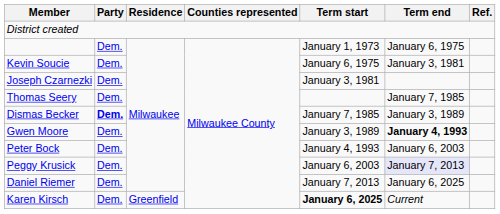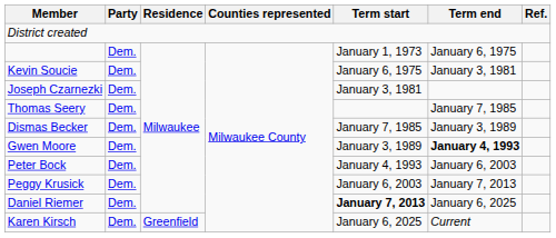 <table class="wikitable">
 <tr>
 <th>Member</th>
 <th>Party</th>
 <th>Residence</th>
 <th>Counties represented</th>
 <th>Term start</th>
 <th>Term end</th>
 <th>Ref.</th>
 </tr>
 <tr>
 <td colspan="7"><em>District created</em></td>
 </tr>
 <tr>
 <td></td>
 <td><a href='#'>Dem.</a></td>
 <td rowspan="9"><a href='#'>Milwaukee</a></td>
 <td rowspan="10"><a href='#'>Milwaukee County</a></td>
 <td>January 1, 1973</td>
 <td>January 6, 1975</td>
 <td></td>
 </tr>
 <tr>
 <td><a href='#'>Kevin Soucie</a></td>
 <td><a href='#'>Dem.</a></td>
 <td>January 6, 1975</td>
 <td>January 3, 1981</td>
 <td></td>
 </tr>
 <tr>
 <td><a href='#'>Joseph Czarnezki</a></td>
 <td><a href='#'>Dem.</a></td>
 <td>January 3, 1981</td>
 <td></td>
 <td></td>
 </tr>
 <tr>
 <td><a href='#'>Thomas Seery</a></td>
 <td><a href='#'>Dem.</a></td>
 <td></td>
 <td>January 7, 1985</td>
 <td></td>
 </tr>
 <tr>
 <td><a href='#'>Dismas Becker</a></td>
-<td><strong><a href='#'>Dem.</a></strong></td>
+<td><a href='#'>Dem.</a></td>
 <td>January 7, 1985</td>
 <td>January 3, 1989</td>
 <td></td>
 </tr>
 <tr>
 <td><a href='#'>Gwen Moore</a></td>
 <td><a href='#'>Dem.</a></td>
 <td>January 3, 1989</td>
 <td><strong>January 4, 1993</strong></td>
 <td></td>
 </tr>
 <tr>
 <td><a href='#'>Peter Bock</a></td>
 <td><a href='#'>Dem.</a></td>
 <td>January 4, 1993</td>
 <td>January 6, 2003</td>
 <td></td>
 </tr>
 <tr>
 <td><a href='#'>Peggy Krusick</a></td>
 <td><a href='#'>Dem.</a></td>
 <td>January 6, 2003</td>
-<td style="background: lavender;">January 7, 2013</td>
+<td>January 7, 2013</td>
 <td></td>
 </tr>
 <tr>
 <td><a href='#'>Daniel Riemer</a></td>
 <td><a href='#'>Dem.</a></td>
-<td>January 7, 2013</td>
+<td><strong>January 7, 2013</strong></td>
 <td>January 6, 2025</td>
 <td></td>
 </tr>
 <tr>
 <td><a href='#'>Karen Kirsch</a></td>
 <td><a href='#'>Dem.</a></td>
 <td><a href='#'>Greenfield</a></td>
-<td><strong>January 6, 2025</strong></td>
+<td>January 6, 2025</td>
 <td><em>Current</em></td>
 <td></td>
 </tr>
 </table>
